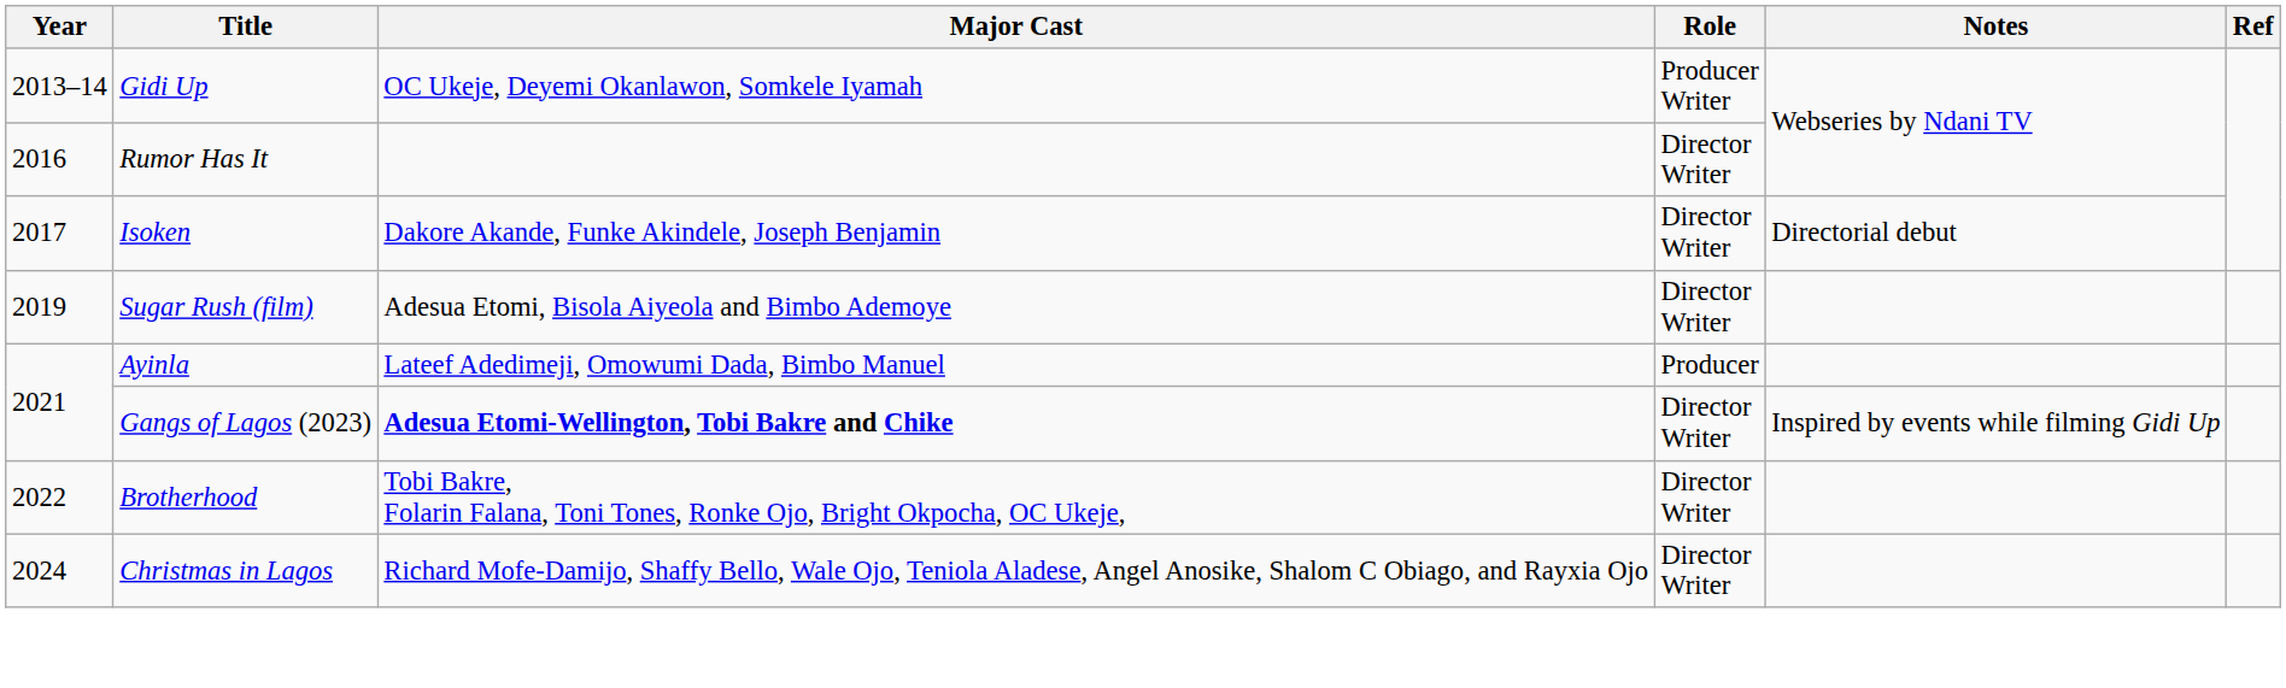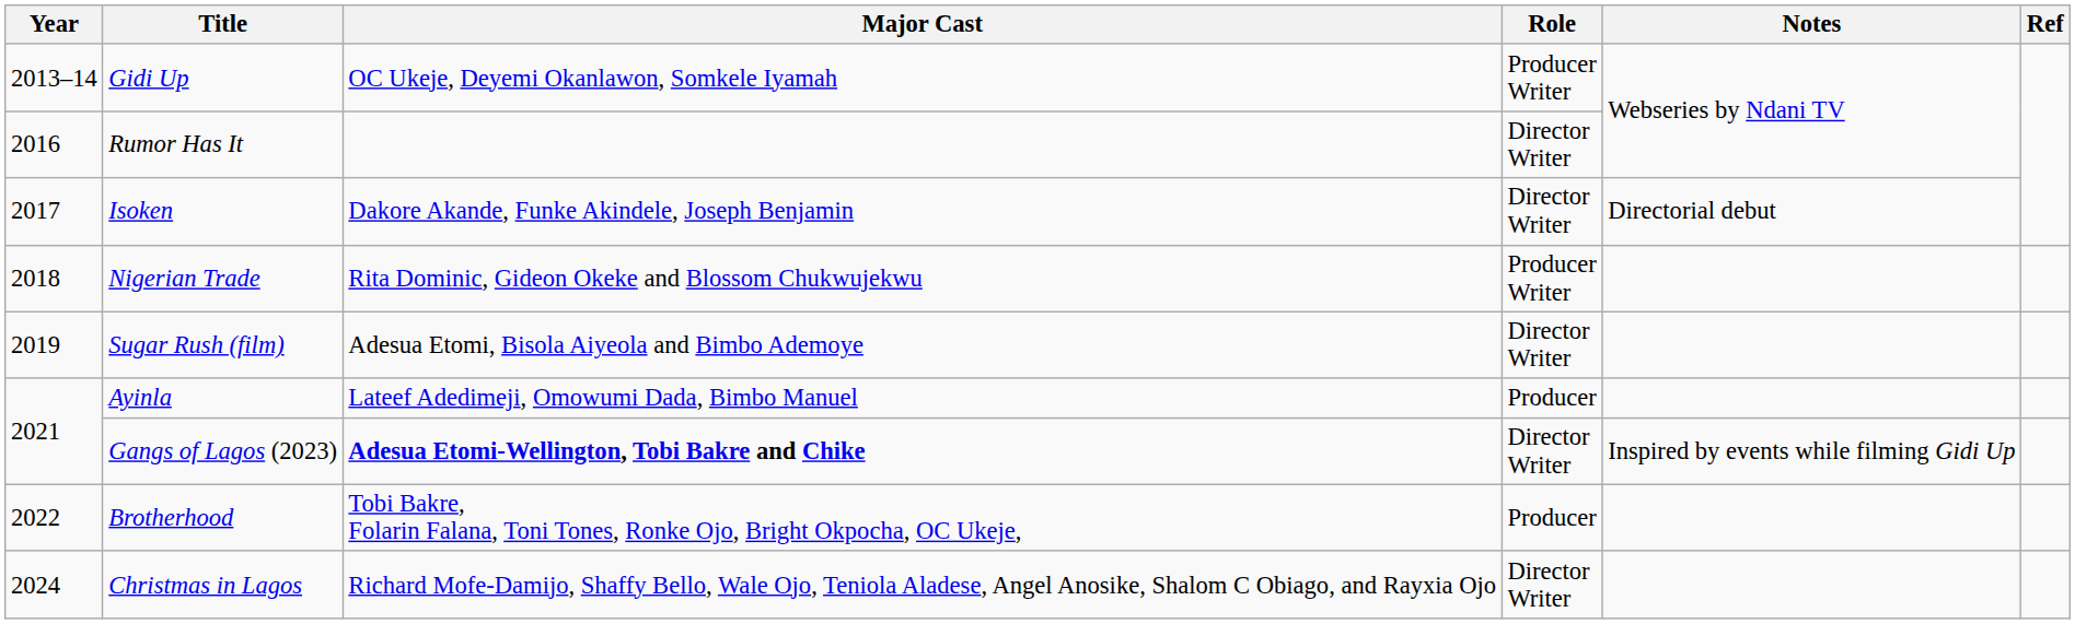 <table class="wikitable">
 <tr>
 <th>Year</th>
 <th>Title</th>
 <th>Major Cast</th>
 <th>Role</th>
 <th>Notes</th>
 <th>Ref</th>
 </tr>
 <tr>
 <td>2013–14</td>
 <td><em><a href='#'>Gidi Up</a></em></td>
 <td><a href='#'>OC Ukeje</a>, <a href='#'>Deyemi Okanlawon</a>, <a href='#'>Somkele Iyamah</a></td>
 <td>Producer<br>Writer</td>
 <td rowspan="2">Webseries by <a href='#'>Ndani TV</a></td>
 <td rowspan="3"></td>
 </tr>
 <tr>
 <td>2016</td>
 <td><em>Rumor Has It</em></td>
 <td></td>
 <td>Director<br>Writer</td>
 </tr>
 <tr>
 <td>2017</td>
 <td><em><a href='#'>Isoken</a></em></td>
 <td><a href='#'>Dakore Akande</a>, <a href='#'>Funke Akindele</a>, <a href='#'>Joseph Benjamin</a></td>
 <td>Director<br>Writer</td>
 <td>Directorial debut</td>
 </tr>
 <tr>
+<td>2018</td>
+<td><em><a href='#'>Nigerian Trade</a></em></td>
+<td><a href='#'>Rita Dominic</a>, <a href='#'>Gideon Okeke</a> and <a href='#'>Blossom Chukwujekwu</a></td>
+<td>Producer<br>Writer</td>
+<td></td>
+<td></td>
+</tr>
+<tr>
 <td>2019</td>
 <td><em><a href='#'>Sugar Rush (film)</a></em></td>
 <td>Adesua Etomi, <a href='#'>Bisola Aiyeola</a> and <a href='#'>Bimbo Ademoye</a></td>
 <td>Director<br>Writer</td>
 <td></td>
 <td></td>
 </tr>
 <tr>
 <td rowspan="2">2021</td>
 <td><a href='#'><em>Ayinla</em></a></td>
 <td><a href='#'>Lateef Adedimeji</a>, <a href='#'>Omowumi Dada</a>, <a href='#'>Bimbo Manuel</a></td>
 <td>Producer</td>
 <td></td>
 <td></td>
 </tr>
 <tr>
 <td><em><a href='#'>Gangs of Lagos</a></em> (2023)</td>
 <td><strong><a href='#'>Adesua Etomi-Wellington</a>, <a href='#'>Tobi Bakre</a> and <a href='#'>Chike</a></strong></td>
 <td>Director<br>Writer</td>
 <td>Inspired by events while filming <em>Gidi Up</em></td>
 <td></td>
 </tr>
 <tr>
 <td>2022</td>
 <td><a href='#'><em>Brotherhood</em></a></td>
 <td><a href='#'>Tobi Bakre</a>,<br><a href='#'>Folarin Falana</a>,  <a href='#'>Toni Tones</a>, <a href='#'>Ronke Ojo</a>,  <a href='#'>Bright Okpocha</a>, <a href='#'>OC Ukeje</a>,</td>
-<td>Director<br>Writer</td>
+<td>Producer</td>
 <td></td>
 <td></td>
 </tr>
 <tr>
 <td>2024</td>
 <td><em><a href='#'>Christmas in Lagos</a></em></td>
 <td><a href='#'>Richard Mofe-Damijo</a>, <a href='#'>Shaffy Bello</a>, <a href='#'>Wale Ojo</a>, <a href='#'>Teniola Aladese</a>, Angel Anosike, Shalom C Obiago, and Rayxia Ojo</td>
 <td>Director<br>Writer</td>
 <td></td>
 <td></td>
 </tr>
 </table>
